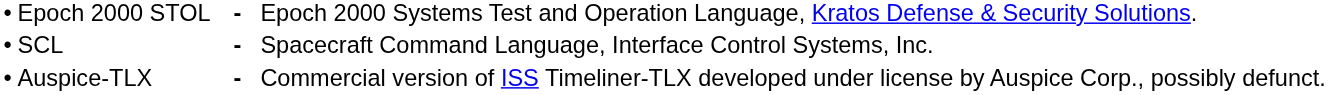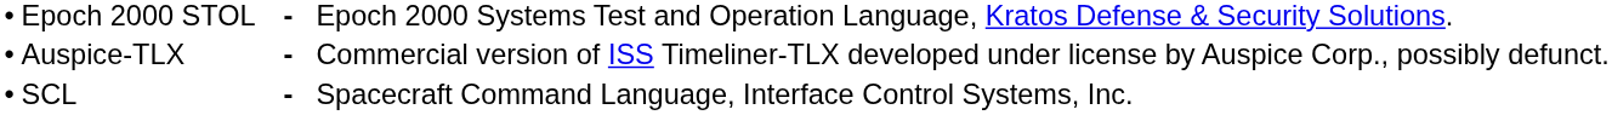 <table style="align: center; text-align: left; border: 0; border-color: white">
 <tr style="vertical-align: top;">
 <td style="text-align: center;">•</td>
 <td style="width:15%;">Epoch 2000 STOL</td>
 <td style="width:3%; text-align: right;"><strong>-</strong>  </td>
 <td>Epoch 2000 Systems Test and Operation Language, <a href='#'>Kratos Defense & Security Solutions</a>.</td>
 </tr>
 <tr style="vertical-align: top;">
 <td style="text-align: center;">•</td>
+<td style="width:15%;">Auspice-TLX</td>
+<td style="width:3%; text-align: right;"><strong>-</strong>  </td>
+<td>Commercial version of <a href='#'>ISS</a> Timeliner-TLX developed under license by Auspice Corp., possibly defunct.</td>
+</tr>
+<tr style="vertical-align: top;">
+<td style="text-align: center;">•</td>
 <td style="width:15%;">SCL</td>
 <td style="width:3%; text-align: right;"><strong>-</strong>  </td>
 <td>Spacecraft Command Language, Interface Control Systems, Inc.</td>
 </tr>
-<tr style="vertical-align: top;">
-<td style="text-align: center;">•</td>
-<td style="width:15%;">Auspice-TLX</td>
-<td style="width:3%; text-align: right;"><strong>-</strong>  </td>
-<td>Commercial version of <a href='#'>ISS</a> Timeliner-TLX developed under license by Auspice Corp., possibly defunct.</td>
-</tr>
 </table>
